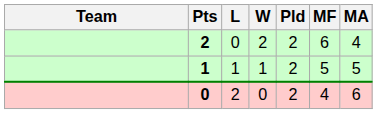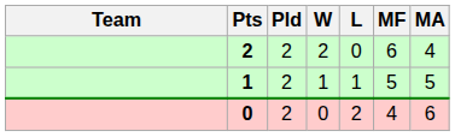 <table class=wikitable style="text-align:center">
 <tr>
 <th width=175>Team</th>
 <th width=20>Pts</th>
+<th width=20>Pld</th>
+<th width=20>W</th>
 <th width=20>L</th>
-<th width=20>W</th>
-<th width=20>Pld</th>
 <th width=20>MF</th>
 <th width=20>MA</th>
 </tr>
 <tr bgcolor=ccffcc>
 <td style="text-align:left"></td>
 <td><strong>2</strong></td>
-<td>0</td>
 <td>2</td>
 <td>2</td>
+<td>0</td>
 <td>6</td>
 <td>4</td>
 </tr>
 <tr bgcolor=ccffcc style="border-bottom:2px solid green;">
 <td style="text-align:left"></td>
 <td><strong>1</strong></td>
+<td>2</td>
 <td>1</td>
 <td>1</td>
-<td>2</td>
 <td>5</td>
 <td>5</td>
 </tr>
 <tr bgcolor=ffcccc>
 <td style="text-align:left"></td>
 <td><strong>0</strong></td>
 <td>2</td>
 <td>0</td>
 <td>2</td>
 <td>4</td>
 <td>6</td>
 </tr>
 </table>
